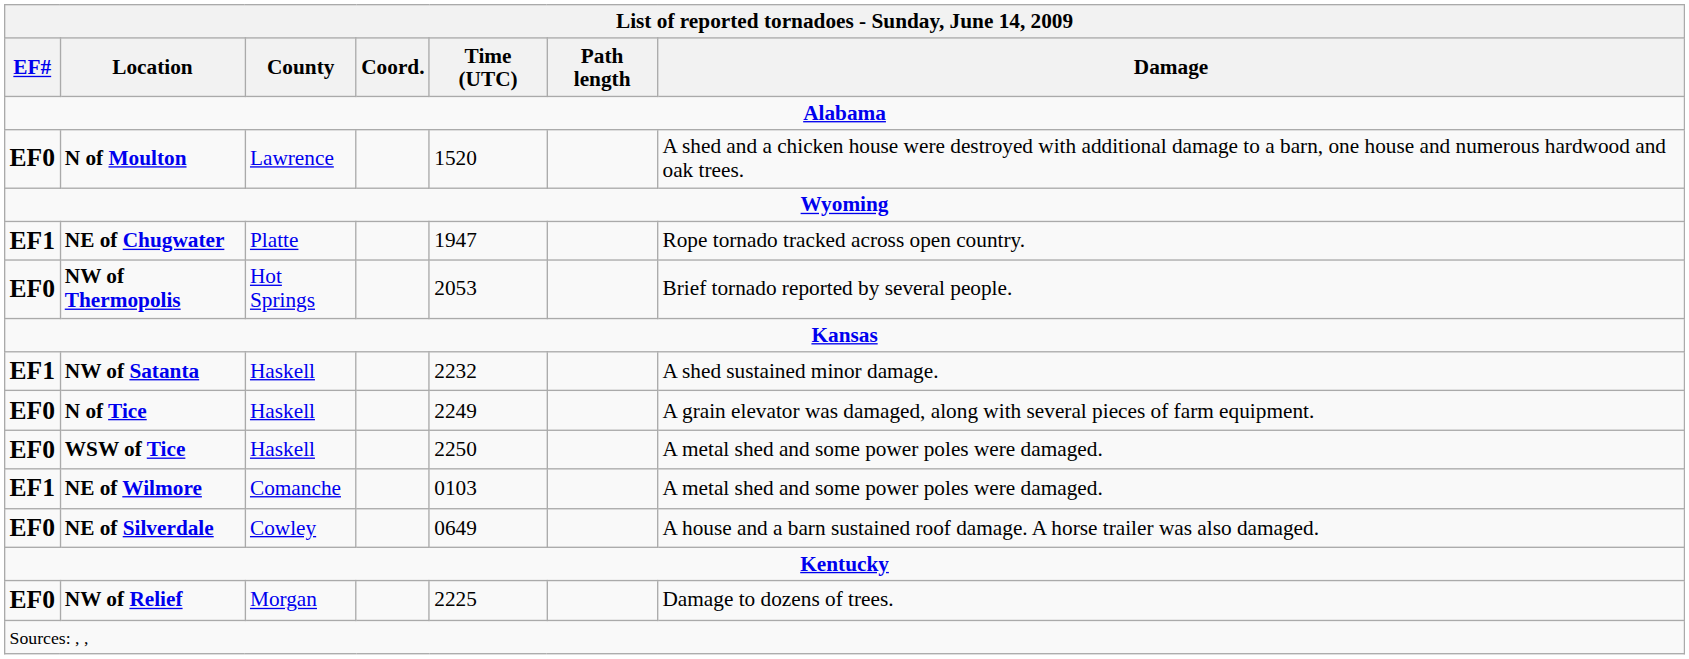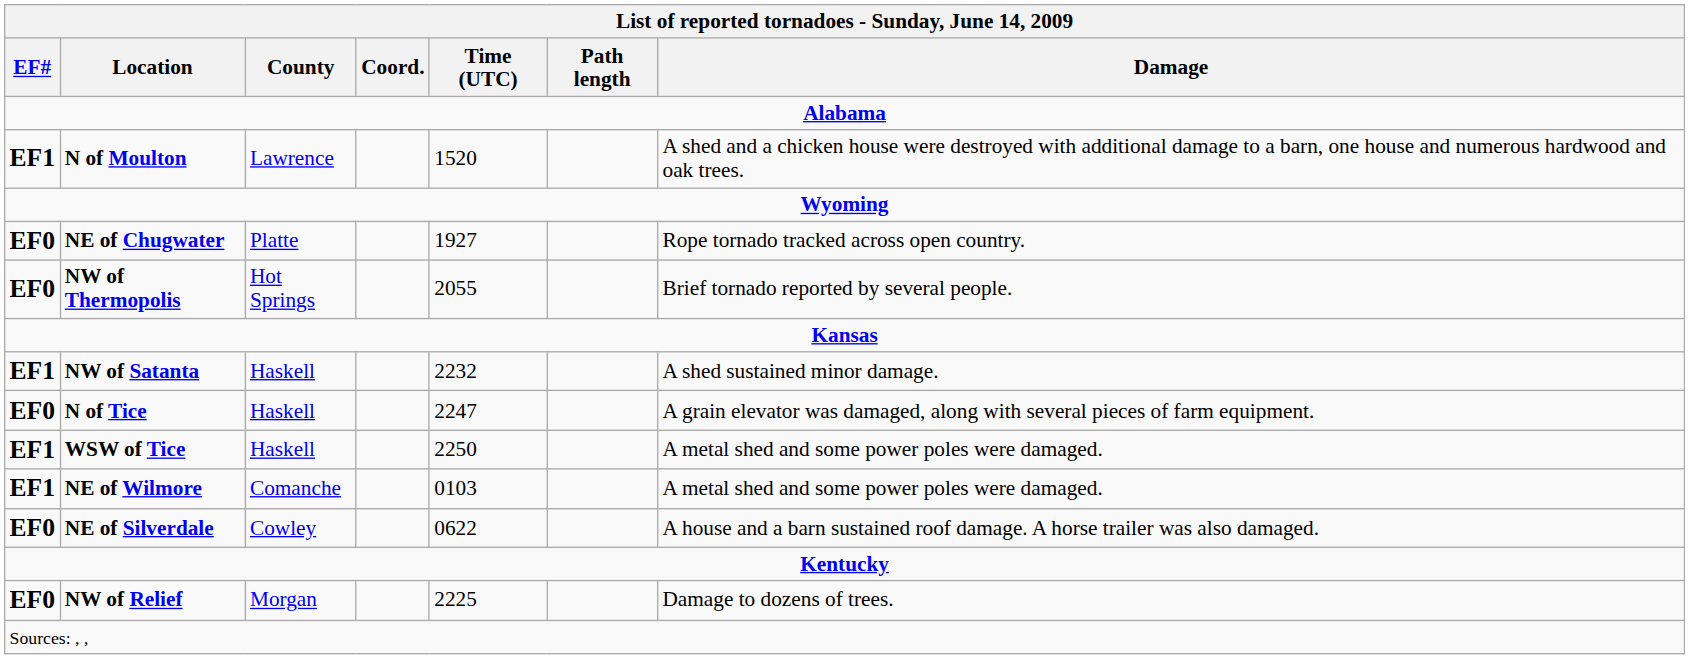 <table class="wikitable collapsible" width="100%">
 <tr>
 <th colspan="7">List of reported tornadoes - Sunday, June 14, 2009</th>
 </tr>
 <tr>
 <th><a href='#'>EF#</a></th>
 <th>Location</th>
 <th>County</th>
 <th>Coord.</th>
 <th>Time (UTC)</th>
 <th>Path length</th>
 <th>Damage</th>
 </tr>
 <tr>
 <td colspan="7" align=center><strong><a href='#'>Alabama</a></strong></td>
 </tr>
 <tr>
-<td><big><strong>EF0</strong></big></td>
+<td><big><strong>EF1</strong></big></td>
 <td><strong>N of <a href='#'>Moulton</a></strong></td>
 <td><a href='#'>Lawrence</a></td>
 <td></td>
 <td>1520</td>
 <td></td>
 <td>A shed and a chicken house were destroyed with additional damage to a barn, one house and numerous hardwood and oak trees.</td>
 </tr>
 <tr>
 <td colspan="7" align=center><strong><a href='#'>Wyoming</a></strong></td>
 </tr>
 <tr>
-<td><big><strong>EF1</strong></big></td>
+<td><big><strong>EF0</strong></big></td>
 <td><strong>NE of <a href='#'>Chugwater</a></strong></td>
 <td><a href='#'>Platte</a></td>
 <td></td>
-<td>1947</td>
+<td>1927</td>
 <td></td>
 <td>Rope tornado tracked across open country.</td>
 </tr>
 <tr>
 <td><big><strong>EF0</strong></big></td>
 <td><strong>NW of <a href='#'>Thermopolis</a></strong></td>
 <td><a href='#'>Hot Springs</a></td>
 <td></td>
-<td>2053</td>
+<td>2055</td>
 <td></td>
 <td>Brief tornado reported by several people.</td>
 </tr>
 <tr>
 <td colspan="7" align=center><strong><a href='#'>Kansas</a></strong></td>
 </tr>
 <tr>
 <td><big><strong>EF1</strong></big></td>
 <td><strong>NW of <a href='#'>Satanta</a></strong></td>
 <td><a href='#'>Haskell</a></td>
 <td></td>
 <td>2232</td>
 <td></td>
 <td>A shed sustained minor damage.</td>
 </tr>
 <tr>
 <td><big><strong>EF0</strong></big></td>
 <td><strong>N of <a href='#'>Tice</a></strong></td>
 <td><a href='#'>Haskell</a></td>
 <td></td>
-<td>2249</td>
+<td>2247</td>
 <td></td>
 <td>A grain elevator was damaged, along with several pieces of farm equipment.</td>
 </tr>
 <tr>
-<td><big><strong>EF0</strong></big></td>
+<td><big><strong>EF1</strong></big></td>
 <td><strong>WSW of <a href='#'>Tice</a></strong></td>
 <td><a href='#'>Haskell</a></td>
 <td></td>
 <td>2250</td>
 <td></td>
 <td>A metal shed and some power poles were damaged.</td>
 </tr>
 <tr>
 <td><big><strong>EF1</strong></big></td>
 <td><strong>NE of <a href='#'>Wilmore</a></strong></td>
 <td><a href='#'>Comanche</a></td>
 <td></td>
 <td>0103</td>
 <td></td>
 <td>A metal shed and some power poles were damaged.</td>
 </tr>
 <tr>
 <td><big><strong>EF0</strong></big></td>
 <td><strong>NE of <a href='#'>Silverdale</a></strong></td>
 <td><a href='#'>Cowley</a></td>
 <td></td>
-<td>0649</td>
+<td>0622</td>
 <td></td>
 <td>A house and a barn sustained roof damage. A horse trailer was also damaged.</td>
 </tr>
 <tr>
 <td colspan="7" align=center><strong><a href='#'>Kentucky</a></strong></td>
 </tr>
 <tr>
 <td><big><strong>EF0</strong></big></td>
 <td><strong>NW of <a href='#'>Relief</a></strong></td>
 <td><a href='#'>Morgan</a></td>
 <td></td>
 <td>2225</td>
 <td></td>
 <td>Damage to dozens of trees.</td>
 </tr>
 <tr>
 <td colspan="7"><small>Sources: , , </small></td>
 </tr>
 </table>
